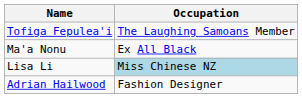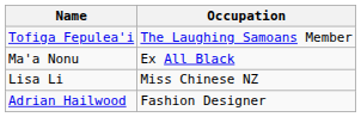 <table class="wikitable">
 <tr>
 <th>Name</th>
 <th>Occupation</th>
 </tr>
 <tr>
 <td><a href='#'>Tofiga Fepulea'i</a></td>
 <td><a href='#'>The Laughing Samoans</a> Member</td>
 </tr>
 <tr>
 <td>Ma'a Nonu</td>
 <td>Ex <a href='#'>All Black</a></td>
 </tr>
 <tr>
 <td>Lisa Li</td>
-<td style="background: lightblue;">Miss Chinese NZ</td>
+<td>Miss Chinese NZ</td>
 </tr>
 <tr>
 <td><a href='#'>Adrian Hailwood</a></td>
 <td>Fashion Designer</td>
 </tr>
 </table>
